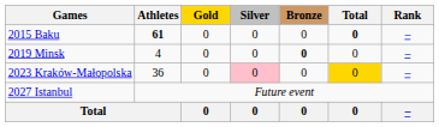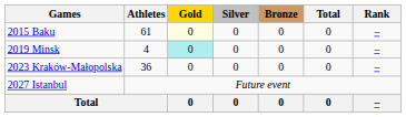 <table class="wikitable" style="text-align:center; font-size:90%;">
 <tr>
 <th>Games</th>
 <th>Athletes</th>
 <td style="background:gold; width:3.7em; font-weight:bold;">Gold</td>
 <td style="background:silver; width:3.7em; font-weight:bold;">Silver</td>
 <td style="background:#cc9966; width:3.7em; font-weight:bold;">Bronze</td>
 <th style="width:4em; font-weight:bold;">Total</th>
 <th style="width:4em; font-weight:bold;">Rank</th>
 </tr>
 <tr>
 <td align=left> <a href='#'>2015 Baku</a></td>
-<td><strong>61</strong></td>
+<td>61</td>
+<td style="background: lightyellow;">0</td>
 <td>0</td>
 <td>0</td>
 <td>0</td>
-<td><strong>0</strong></td>
 <td><a href='#'>–</a></td>
 </tr>
 <tr>
 <td align=left> <a href='#'>2019 Minsk</a></td>
 <td>4</td>
+<td style="background: paleturquoise;">0</td>
 <td>0</td>
 <td>0</td>
-<td><strong>0</strong></td>
 <td>0</td>
 <td><a href='#'>–</a></td>
 </tr>
 <tr>
 <td align=left> <a href='#'>2023 Kraków-Małopolska</a></td>
 <td>36</td>
 <td>0</td>
-<td style="background: pink;">0</td>
 <td>0</td>
-<td style="background: gold;">0</td>
+<td>0</td>
+<td>0</td>
 <td><a href='#'>–</a></td>
 </tr>
 <tr>
 <td align=left> <a href='#'>2027 Istanbul</a></td>
 <td colspan=6><em>Future event</em></td>
 </tr>
 <tr>
 <th colspan=2>Total</th>
 <th>0</th>
 <th>0</th>
 <th>0</th>
 <th>0</th>
 <th><a href='#'>–</a></th>
 </tr>
 </table>
